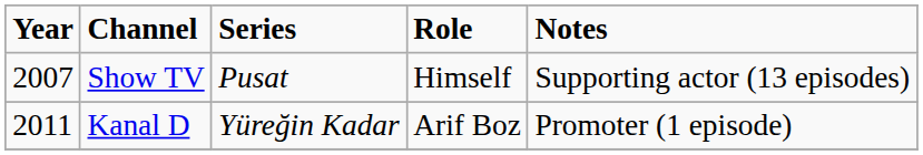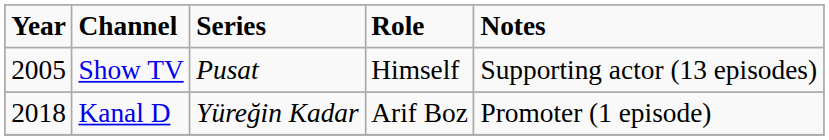 <table class="wikitable">
 <tr>
 <td><strong>Year</strong></td>
 <td><strong>Channel</strong></td>
 <td><strong>Series</strong></td>
 <td><strong>Role</strong></td>
 <td><strong>Notes</strong></td>
 </tr>
 <tr>
-<td>2007</td>
+<td>2005</td>
 <td><a href='#'>Show TV</a></td>
 <td><em>Pusat</em></td>
 <td>Himself</td>
 <td>Supporting actor (13 episodes)</td>
 </tr>
 <tr>
-<td>2011</td>
+<td>2018</td>
 <td><a href='#'>Kanal D</a></td>
 <td><em>Yüreğin Kadar</em></td>
 <td>Arif Boz</td>
 <td>Promoter (1 episode)</td>
 </tr>
 <tr>
 </tr>
 </table>
